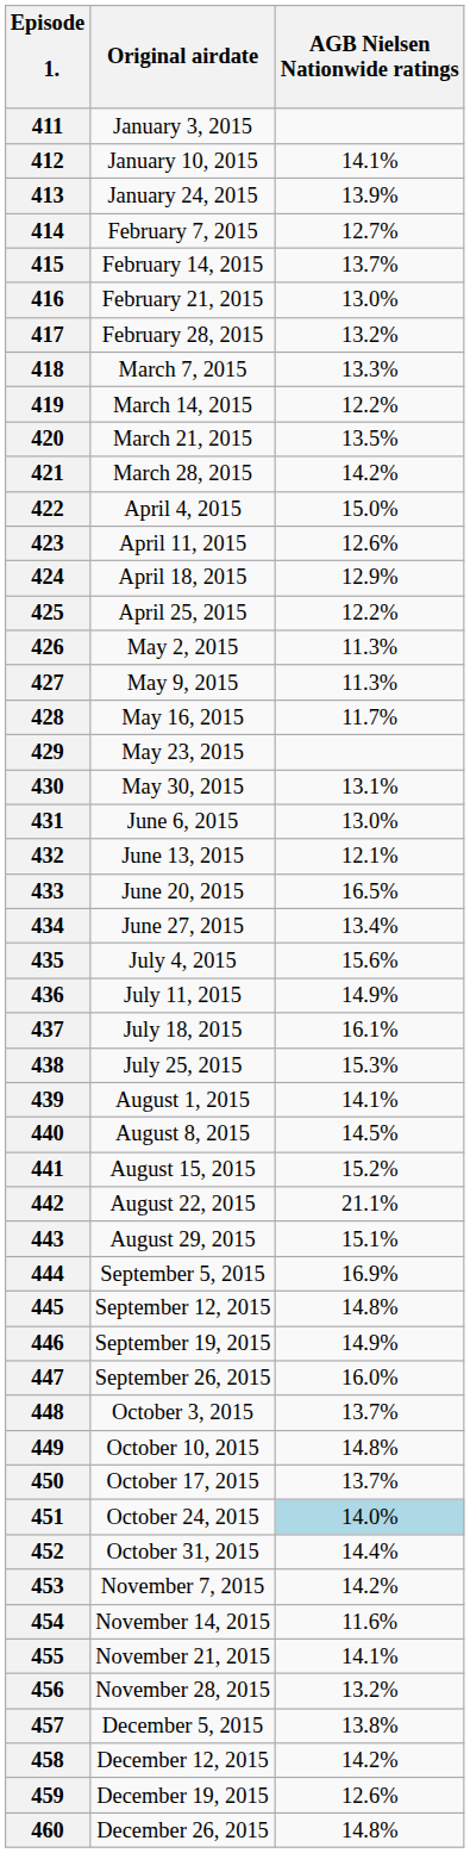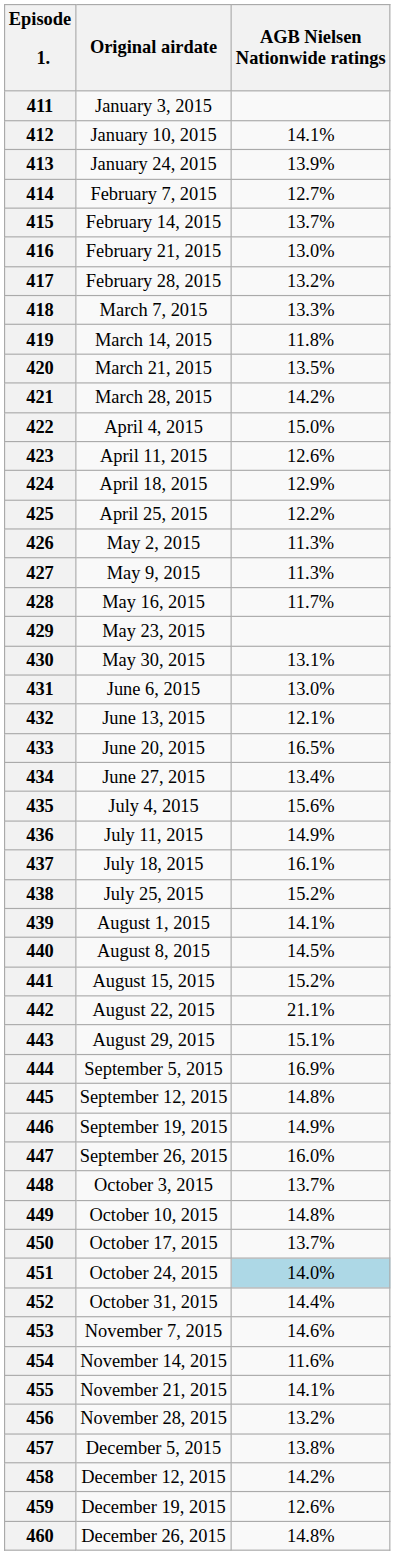 <table class=wikitable style="text-align:center">
 <tr>
 <th>Episode<br><ol><li></li></ol></th>
 <th>Original airdate</th>
 <th>AGB Nielsen<br>Nationwide ratings</th>
 </tr>
 <tr>
 <th>411</th>
 <td>January 3, 2015</td>
 <td></td>
 </tr>
 <tr>
 <th>412</th>
 <td>January 10, 2015</td>
 <td>14.1%</td>
 </tr>
 <tr>
 <th>413</th>
 <td>January 24, 2015</td>
 <td>13.9%</td>
 </tr>
 <tr>
 <th>414</th>
 <td>February 7, 2015</td>
 <td>12.7%</td>
 </tr>
 <tr>
 <th>415</th>
 <td>February 14, 2015</td>
 <td>13.7%</td>
 </tr>
 <tr>
 <th>416</th>
 <td>February 21, 2015</td>
 <td>13.0%</td>
 </tr>
 <tr>
 <th>417</th>
 <td>February 28, 2015</td>
 <td>13.2%</td>
 </tr>
 <tr>
 <th>418</th>
 <td>March 7, 2015</td>
 <td>13.3%</td>
 </tr>
 <tr>
 <th>419</th>
 <td>March 14, 2015</td>
-<td>12.2%</td>
+<td>11.8%</td>
 </tr>
 <tr>
 <th>420</th>
 <td>March 21, 2015</td>
 <td>13.5%</td>
 </tr>
 <tr>
 <th>421</th>
 <td>March 28, 2015</td>
 <td>14.2%</td>
 </tr>
 <tr>
 <th>422</th>
 <td>April 4, 2015</td>
 <td>15.0%</td>
 </tr>
 <tr>
 <th>423</th>
 <td>April 11, 2015</td>
 <td>12.6%</td>
 </tr>
 <tr>
 <th>424</th>
 <td>April 18, 2015</td>
 <td>12.9%</td>
 </tr>
 <tr>
 <th>425</th>
 <td>April 25, 2015</td>
 <td>12.2%</td>
 </tr>
 <tr>
 <th>426</th>
 <td>May 2, 2015</td>
 <td>11.3%</td>
 </tr>
 <tr>
 <th>427</th>
 <td>May 9, 2015</td>
 <td>11.3%</td>
 </tr>
 <tr>
 <th>428</th>
 <td>May 16, 2015</td>
 <td>11.7%</td>
 </tr>
 <tr>
 <th>429</th>
 <td>May 23, 2015</td>
 <td></td>
 </tr>
 <tr>
 <th>430</th>
 <td>May 30, 2015</td>
 <td>13.1%</td>
 </tr>
 <tr>
 <th>431</th>
 <td>June 6, 2015</td>
 <td>13.0%</td>
 </tr>
 <tr>
 <th>432</th>
 <td>June 13, 2015</td>
 <td>12.1%</td>
 </tr>
 <tr>
 <th>433</th>
 <td>June 20, 2015</td>
 <td>16.5%</td>
 </tr>
 <tr>
 <th>434</th>
 <td>June 27, 2015</td>
 <td>13.4%</td>
 </tr>
 <tr>
 <th>435</th>
 <td>July 4, 2015</td>
 <td>15.6%</td>
 </tr>
 <tr>
 <th>436</th>
 <td>July 11, 2015</td>
 <td>14.9%</td>
 </tr>
 <tr>
 <th>437</th>
 <td>July 18, 2015</td>
 <td>16.1%</td>
 </tr>
 <tr>
 <th>438</th>
 <td>July 25, 2015</td>
-<td>15.3%</td>
+<td>15.2%</td>
 </tr>
 <tr>
 <th>439</th>
 <td>August 1, 2015</td>
 <td>14.1%</td>
 </tr>
 <tr>
 <th>440</th>
 <td>August 8, 2015</td>
 <td>14.5%</td>
 </tr>
 <tr>
 <th>441</th>
 <td>August 15, 2015</td>
 <td>15.2%</td>
 </tr>
 <tr>
 <th>442</th>
 <td>August 22, 2015</td>
 <td>21.1%</td>
 </tr>
 <tr>
 <th>443</th>
 <td>August 29, 2015</td>
 <td>15.1%</td>
 </tr>
 <tr>
 <th>444</th>
 <td>September 5, 2015</td>
 <td>16.9%</td>
 </tr>
 <tr>
 <th>445</th>
 <td>September 12, 2015</td>
 <td>14.8%</td>
 </tr>
 <tr>
 <th>446</th>
 <td>September 19, 2015</td>
 <td>14.9%</td>
 </tr>
 <tr>
 <th>447</th>
 <td>September 26, 2015</td>
 <td>16.0%</td>
 </tr>
 <tr>
 <th>448</th>
 <td>October 3, 2015</td>
 <td>13.7%</td>
 </tr>
 <tr>
 <th>449</th>
 <td>October 10, 2015</td>
 <td>14.8%</td>
 </tr>
 <tr>
 <th>450</th>
 <td>October 17, 2015</td>
 <td>13.7%</td>
 </tr>
 <tr>
 <th>451</th>
 <td>October 24, 2015</td>
 <td style="background: lightblue;">14.0%</td>
 </tr>
 <tr>
 <th>452</th>
 <td>October 31, 2015</td>
 <td>14.4%</td>
 </tr>
 <tr>
 <th>453</th>
 <td>November 7, 2015</td>
-<td>14.2%</td>
+<td>14.6%</td>
 </tr>
 <tr>
 <th>454</th>
 <td>November 14, 2015</td>
 <td>11.6%</td>
 </tr>
 <tr>
 <th>455</th>
 <td>November 21, 2015</td>
 <td>14.1%</td>
 </tr>
 <tr>
 <th>456</th>
 <td>November 28, 2015</td>
 <td>13.2%</td>
 </tr>
 <tr>
 <th>457</th>
 <td>December 5, 2015</td>
 <td>13.8%</td>
 </tr>
 <tr>
 <th>458</th>
 <td>December 12, 2015</td>
 <td>14.2%</td>
 </tr>
 <tr>
 <th>459</th>
 <td>December 19, 2015</td>
 <td>12.6%</td>
 </tr>
 <tr>
 <th>460</th>
 <td>December 26, 2015</td>
 <td>14.8%</td>
 </tr>
 </table>
